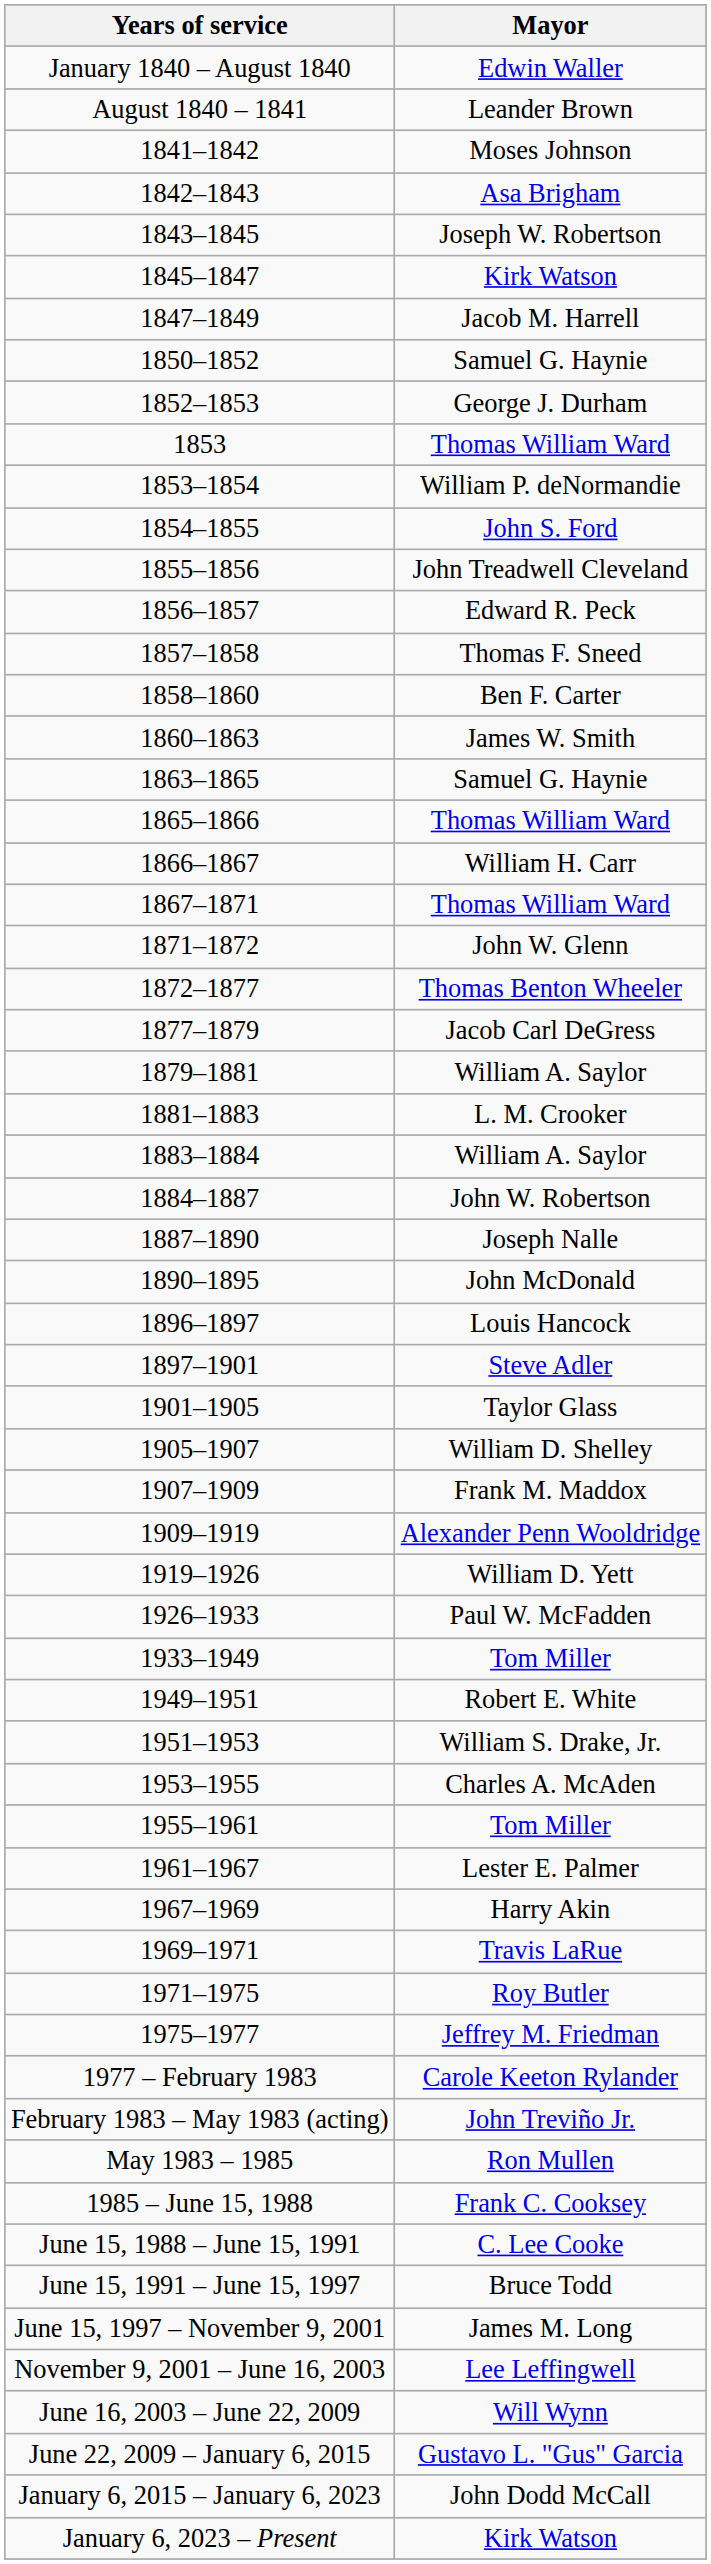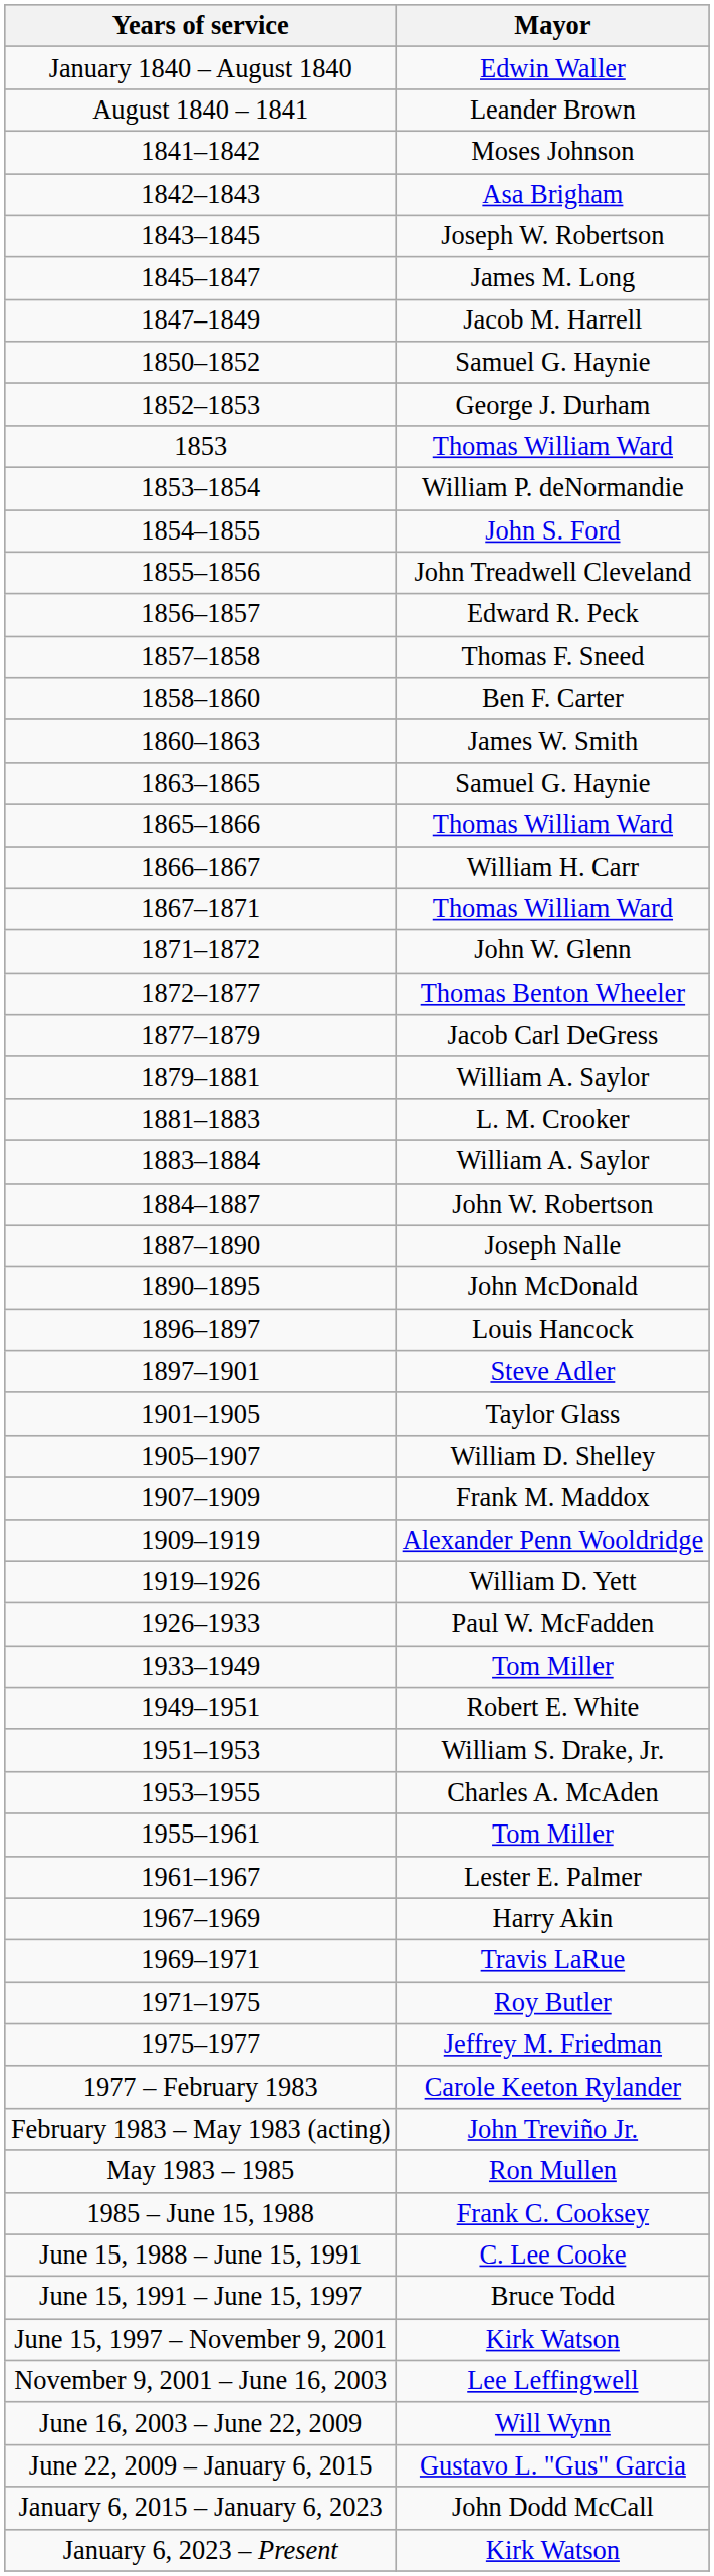 <table class="wikitable" style="text-align:center" border="1">
 <tr>
 <th>Years of service</th>
 <th>Mayor</th>
 </tr>
 <tr>
 <td>January 1840 – August 1840</td>
 <td><a href='#'>Edwin Waller</a></td>
 </tr>
 <tr>
 <td>August 1840 – 1841</td>
 <td>Leander Brown</td>
 </tr>
 <tr>
 <td>1841–1842</td>
 <td>Moses Johnson</td>
 </tr>
 <tr>
 <td>1842–1843</td>
 <td><a href='#'>Asa Brigham</a></td>
 </tr>
 <tr>
 <td>1843–1845</td>
 <td>Joseph W. Robertson</td>
 </tr>
 <tr>
 <td>1845–1847</td>
-<td><a href='#'>Kirk Watson</a></td>
+<td>James M. Long</td>
 </tr>
 <tr>
 <td>1847–1849</td>
 <td>Jacob M. Harrell</td>
 </tr>
 <tr>
 <td>1850–1852</td>
 <td>Samuel G. Haynie</td>
 </tr>
 <tr>
 <td>1852–1853</td>
 <td>George J. Durham</td>
 </tr>
 <tr>
 <td>1853</td>
 <td><a href='#'>Thomas William Ward</a></td>
 </tr>
 <tr>
 <td>1853–1854</td>
 <td>William P. deNormandie</td>
 </tr>
 <tr>
 <td>1854–1855</td>
 <td><a href='#'>John S. Ford</a></td>
 </tr>
 <tr>
 <td>1855–1856</td>
 <td>John Treadwell Cleveland</td>
 </tr>
 <tr>
 <td>1856–1857</td>
 <td>Edward R. Peck</td>
 </tr>
 <tr>
 <td>1857–1858</td>
 <td>Thomas F. Sneed</td>
 </tr>
 <tr>
 <td>1858–1860</td>
 <td>Ben F. Carter</td>
 </tr>
 <tr>
 <td>1860–1863</td>
 <td>James W. Smith</td>
 </tr>
 <tr>
 <td>1863–1865</td>
 <td>Samuel G. Haynie</td>
 </tr>
 <tr>
 <td>1865–1866</td>
 <td><a href='#'>Thomas William Ward</a></td>
 </tr>
 <tr>
 <td>1866–1867</td>
 <td>William H. Carr</td>
 </tr>
 <tr>
 <td>1867–1871</td>
 <td><a href='#'>Thomas William Ward</a></td>
 </tr>
 <tr>
 <td>1871–1872</td>
 <td>John W. Glenn</td>
 </tr>
 <tr>
 <td>1872–1877</td>
 <td><a href='#'>Thomas Benton Wheeler</a></td>
 </tr>
 <tr>
 <td>1877–1879</td>
 <td>Jacob Carl DeGress</td>
 </tr>
 <tr>
 <td>1879–1881</td>
 <td>William A. Saylor</td>
 </tr>
 <tr>
 <td>1881–1883</td>
 <td>L. M. Crooker</td>
 </tr>
 <tr>
 <td>1883–1884</td>
 <td>William A. Saylor</td>
 </tr>
 <tr>
 <td>1884–1887</td>
 <td>John W. Robertson</td>
 </tr>
 <tr>
 <td>1887–1890</td>
 <td>Joseph Nalle</td>
 </tr>
 <tr>
 <td>1890–1895</td>
 <td>John McDonald</td>
 </tr>
 <tr>
 <td>1896–1897</td>
 <td>Louis Hancock</td>
 </tr>
 <tr>
 <td>1897–1901</td>
 <td><a href='#'>Steve Adler</a></td>
 </tr>
 <tr>
 <td>1901–1905</td>
 <td>Taylor Glass</td>
 </tr>
 <tr>
 <td>1905–1907</td>
 <td>William D. Shelley</td>
 </tr>
 <tr>
 <td>1907–1909</td>
 <td>Frank M. Maddox</td>
 </tr>
 <tr>
 <td>1909–1919</td>
 <td><a href='#'>Alexander Penn Wooldridge</a></td>
 </tr>
 <tr>
 <td>1919–1926</td>
 <td>William D. Yett</td>
 </tr>
 <tr>
 <td>1926–1933</td>
 <td>Paul W. McFadden</td>
 </tr>
 <tr>
 <td>1933–1949</td>
 <td><a href='#'>Tom Miller</a></td>
 </tr>
 <tr>
 <td>1949–1951</td>
 <td>Robert E. White</td>
 </tr>
 <tr>
 <td>1951–1953</td>
 <td>William S. Drake, Jr.</td>
 </tr>
 <tr>
 <td>1953–1955</td>
 <td>Charles A. McAden</td>
 </tr>
 <tr>
 <td>1955–1961</td>
 <td><a href='#'>Tom Miller</a></td>
 </tr>
 <tr>
 <td>1961–1967</td>
 <td>Lester E. Palmer</td>
 </tr>
 <tr>
 <td>1967–1969</td>
 <td>Harry Akin</td>
 </tr>
 <tr>
 <td>1969–1971</td>
 <td><a href='#'>Travis LaRue</a></td>
 </tr>
 <tr>
 <td>1971–1975</td>
 <td><a href='#'>Roy Butler</a></td>
 </tr>
 <tr>
 <td>1975–1977</td>
 <td><a href='#'>Jeffrey M. Friedman</a></td>
 </tr>
 <tr>
 <td>1977 – February 1983</td>
 <td><a href='#'>Carole Keeton Rylander</a></td>
 </tr>
 <tr>
 <td>February 1983 – May 1983 (acting)</td>
 <td><a href='#'>John Treviño Jr.</a></td>
 </tr>
 <tr>
 <td>May 1983 – 1985</td>
 <td><a href='#'>Ron Mullen</a></td>
 </tr>
 <tr>
 <td>1985 – June 15, 1988</td>
 <td><a href='#'>Frank C. Cooksey</a></td>
 </tr>
 <tr>
 <td>June 15, 1988 – June 15, 1991</td>
 <td><a href='#'>C. Lee Cooke</a></td>
 </tr>
 <tr>
 <td>June 15, 1991 – June 15, 1997</td>
 <td>Bruce Todd</td>
 </tr>
 <tr>
 <td>June 15, 1997 – November 9, 2001</td>
-<td>James M. Long</td>
+<td><a href='#'>Kirk Watson</a></td>
 </tr>
 <tr>
 <td>November 9, 2001 – June 16, 2003</td>
 <td><a href='#'>Lee Leffingwell</a></td>
 </tr>
 <tr>
 <td>June 16, 2003 – June 22, 2009</td>
 <td><a href='#'>Will Wynn</a></td>
 </tr>
 <tr>
 <td>June 22, 2009 – January 6, 2015</td>
 <td><a href='#'>Gustavo L. "Gus" Garcia</a></td>
 </tr>
 <tr>
 <td>January 6, 2015 – January 6, 2023</td>
 <td>John Dodd McCall</td>
 </tr>
 <tr>
 <td>January 6, 2023 – <em>Present</em></td>
 <td><a href='#'>Kirk Watson</a></td>
 </tr>
 </table>
